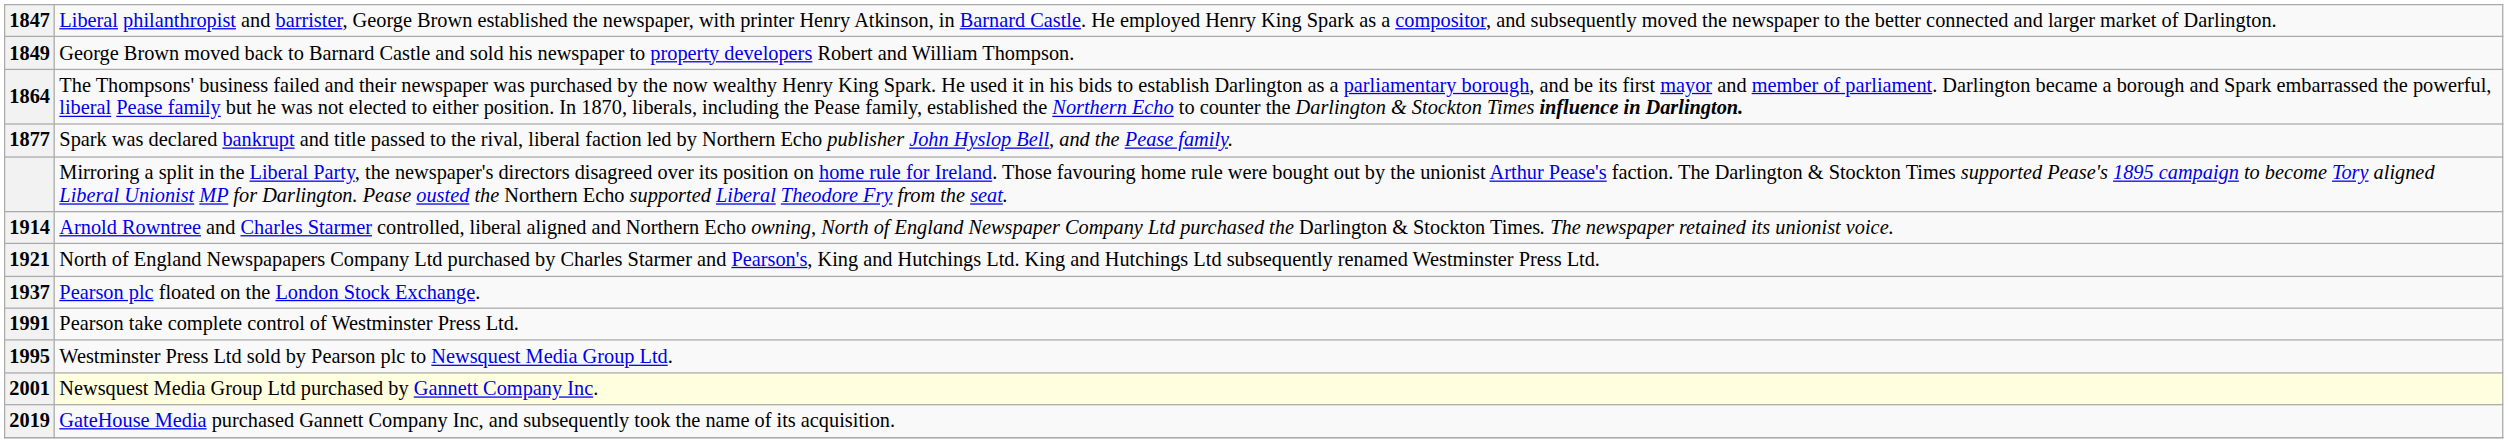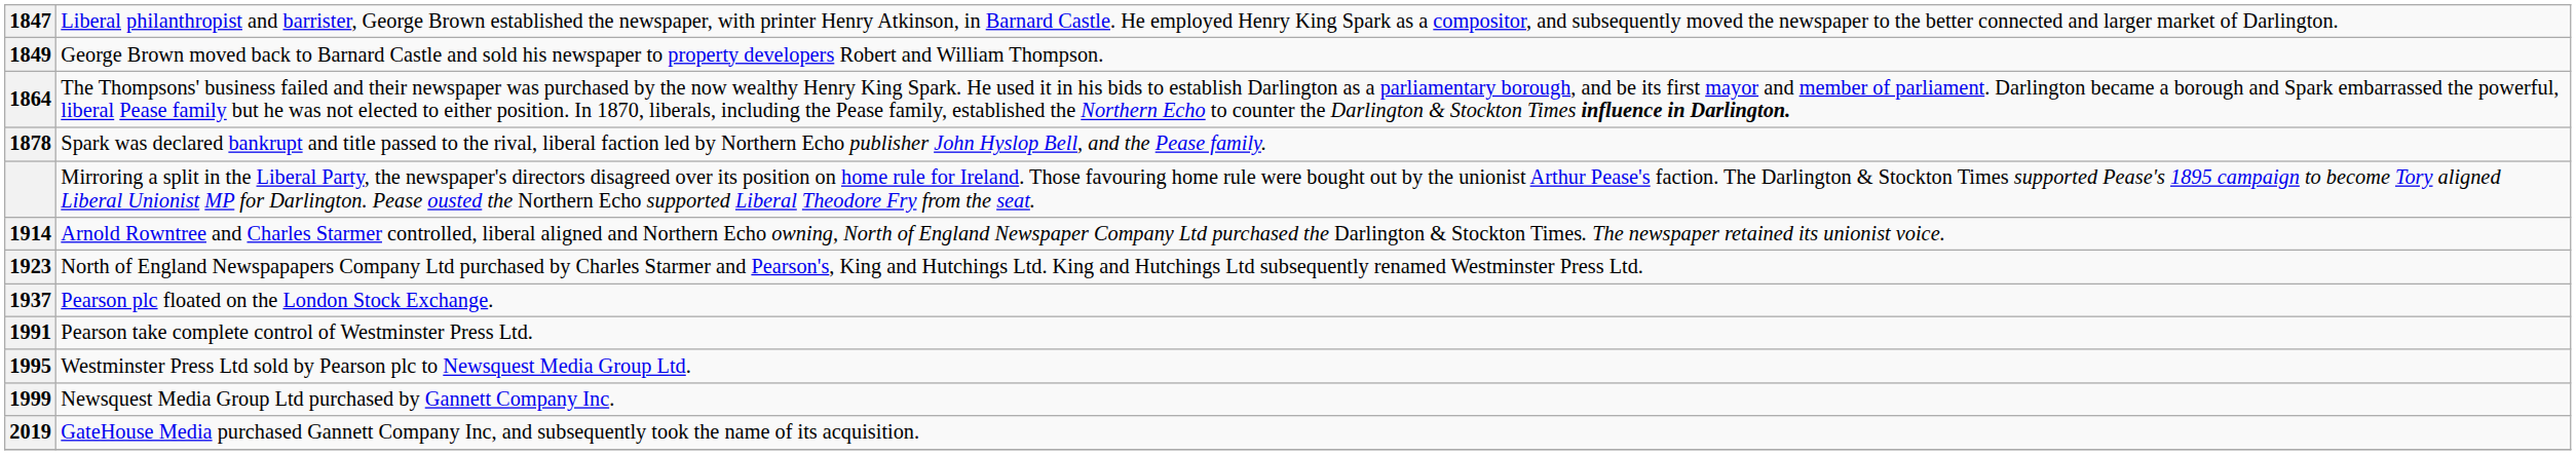 <table class="wikitable">
 <tr>
 <th>1847</th>
 <td><a href='#'>Liberal</a> <a href='#'>philanthropist</a> and <a href='#'>barrister</a>, George Brown established the newspaper, with printer Henry Atkinson, in <a href='#'>Barnard Castle</a>. He employed Henry King Spark as a <a href='#'>compositor</a>, and subsequently moved the newspaper to the better connected and larger market of Darlington.</td>
 </tr>
 <tr>
 <th>1849</th>
 <td>George Brown moved back to Barnard Castle and sold his newspaper to <a href='#'>property developers</a> Robert and William Thompson.</td>
 </tr>
 <tr>
 <th>1864</th>
 <td>The Thompsons' business failed and their newspaper was purchased by the now wealthy Henry King Spark. He used it in his bids to establish Darlington as a <a href='#'>parliamentary borough</a>, and be its first <a href='#'>mayor</a> and <a href='#'>member of parliament</a>. Darlington became a borough and Spark embarrassed the powerful, <a href='#'>liberal</a> <a href='#'>Pease family</a> but he was not elected to either position. In 1870, liberals, including the Pease family, established the <em><a href='#'>Northern Echo</a></em> to counter the <em>Darlington & Stockton Times<strong> influence in Darlington.</td>
 </tr>
 <tr>
-<th>1877</th>
+<th>1878</th>
 <td>Spark was declared <a href='#'>bankrupt</a> and title passed to the rival, liberal faction led by </em>Northern Echo<em> publisher <a href='#'>John Hyslop Bell</a>, and the <a href='#'>Pease family</a>.</td>
 </tr>
 <tr>
 <th></th>
 <td>Mirroring a split in the <a href='#'>Liberal Party</a>, the newspaper's directors disagreed over its position on <a href='#'>home rule for Ireland</a>. Those favouring home rule were bought out by the unionist <a href='#'>Arthur Pease's</a> faction. The </em>Darlington & Stockton Times<em> supported Pease's <a href='#'>1895 campaign</a> to become <a href='#'>Tory</a> aligned <a href='#'>Liberal Unionist</a> <a href='#'>MP</a> for Darlington. Pease <a href='#'>ousted</a> the </em>Northern Echo<em> supported <a href='#'>Liberal</a> <a href='#'>Theodore Fry</a> from the <a href='#'>seat</a>.</td>
 </tr>
 <tr>
 <th>1914</th>
 <td><a href='#'>Arnold Rowntree</a> and <a href='#'>Charles Starmer</a> controlled, liberal aligned and </em>Northern Echo<em> owning, North of England Newspaper Company Ltd purchased the </em>Darlington & Stockton Times<em>. The newspaper retained its unionist voice.</td>
 </tr>
 <tr>
-<th>1921</th>
+<th>1923</th>
 <td>North of England Newspapapers Company Ltd purchased by Charles Starmer and <a href='#'>Pearson's</a>, King and Hutchings Ltd. King and Hutchings Ltd subsequently renamed Westminster Press Ltd.</td>
 </tr>
 <tr>
 <th>1937</th>
 <td><a href='#'>Pearson plc</a> floated on the <a href='#'>London Stock Exchange</a>.</td>
 </tr>
 <tr>
 <th>1991</th>
 <td>Pearson take complete control of Westminster Press Ltd.</td>
 </tr>
 <tr>
 <th>1995</th>
 <td>Westminster Press Ltd sold by Pearson plc to <a href='#'>Newsquest Media Group Ltd</a>.</td>
 </tr>
 <tr>
-<th>2001</th>
-<td style="background: lightyellow;">Newsquest Media Group Ltd purchased by <a href='#'>Gannett Company Inc</a>.</td>
+<th>1999</th>
+<td>Newsquest Media Group Ltd purchased by <a href='#'>Gannett Company Inc</a>.</td>
 </tr>
 <tr>
 <th>2019</th>
 <td><a href='#'>GateHouse Media</a> purchased Gannett Company Inc, and subsequently took the name of its acquisition.</td>
 </tr>
 <tr>
 </tr>
 </table>
